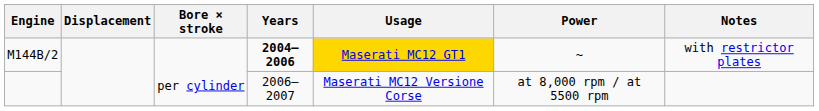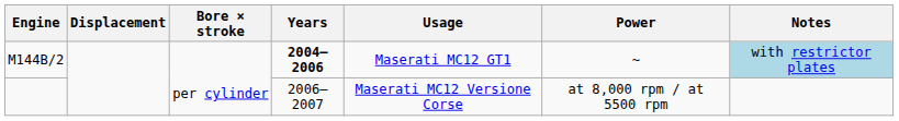 <table class="wikitable" style="text-align: center;">
 <tr>
 <th>Engine</th>
 <th>Displacement</th>
 <th>Bore × stroke</th>
 <th>Years</th>
 <th>Usage</th>
 <th>Power</th>
 <th>Notes</th>
 </tr>
 <tr>
 <td>M144B/2</td>
 <td rowspan="2"></td>
 <td rowspan="2"> <br><br>  per <a href='#'>cylinder</a></td>
 <td><strong>2004–2006</strong></td>
-<td style="background: gold;"><a href='#'>Maserati MC12 GT1</a></td>
+<td><a href='#'>Maserati MC12 GT1</a></td>
 <td>~</td>
-<td>with <a href='#'>restrictor plates</a></td>
+<td style="background: lightblue;">with <a href='#'>restrictor plates</a></td>
 </tr>
 <tr>
 <td></td>
 <td>2006–2007</td>
 <td><a href='#'>Maserati MC12 Versione Corse</a></td>
 <td> at 8,000 rpm /  at 5500 rpm</td>
 <td> </td>
 </tr>
 </table>
